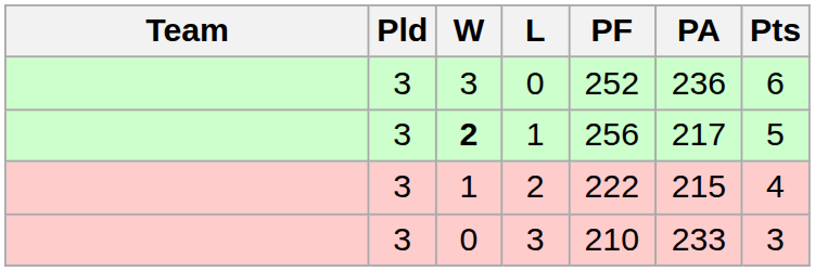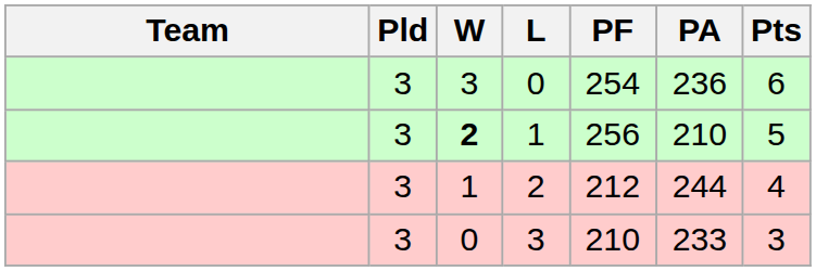 <table class="wikitable" style="text-align:center;">
 <tr>
 <th width=170>Team</th>
 <th width=25>Pld</th>
 <th width=25>W</th>
 <th width=25>L</th>
 <th width=35>PF</th>
 <th width=35>PA</th>
 <th width=25>Pts</th>
 </tr>
 <tr bgcolor=#ccffcc>
 <td align="left"></td>
 <td>3</td>
 <td>3</td>
 <td>0</td>
-<td>252</td>
+<td>254</td>
 <td>236</td>
 <td>6</td>
 </tr>
 <tr bgcolor=#ccffcc>
 <td align="left"></td>
 <td>3</td>
 <td><strong>2</strong></td>
 <td>1</td>
 <td>256</td>
-<td>217</td>
+<td>210</td>
 <td>5</td>
 </tr>
 <tr bgcolor=#ffcccc>
 <td align="left"></td>
 <td>3</td>
 <td>1</td>
 <td>2</td>
-<td>222</td>
-<td>215</td>
+<td>212</td>
+<td>244</td>
 <td>4</td>
 </tr>
 <tr bgcolor=#ffcccc>
 <td align="left"></td>
 <td>3</td>
 <td>0</td>
 <td>3</td>
 <td>210</td>
 <td>233</td>
 <td>3</td>
 </tr>
 </table>
